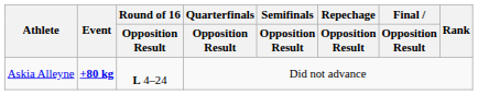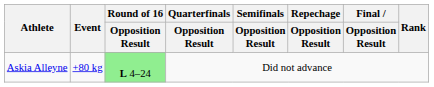 <table class="wikitable" style="font-size:90%">
 <tr>
 <th rowspan="2">Athlete</th>
 <th rowspan="2">Event</th>
 <th>Round of 16</th>
 <th>Quarterfinals</th>
 <th>Semifinals</th>
 <th>Repechage</th>
 <th>Final / </th>
 <th rowspan="2">Rank</th>
 </tr>
 <tr>
 <th>Opposition<br>Result</th>
 <th>Opposition<br>Result</th>
 <th>Opposition<br>Result</th>
 <th>Opposition<br>Result</th>
 <th>Opposition<br>Result</th>
 </tr>
 <tr align=center>
 <td align=left><a href='#'>Askia Alleyne</a></td>
-<td align=left><strong><a href='#'>+80 kg</a></strong></td>
-<td><br><strong>L</strong> 4–24</td>
+<td align=left><a href='#'>+80 kg</a></td>
+<td style="background: lightgreen;"><br><strong>L</strong> 4–24</td>
 <td colspan=5>Did not advance</td>
 </tr>
 </table>
